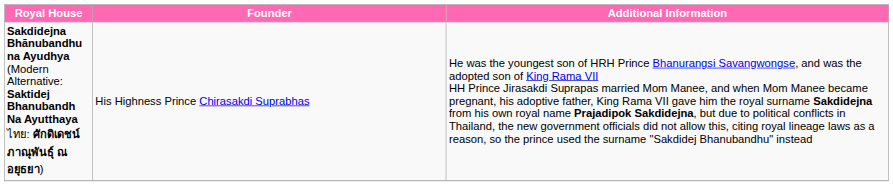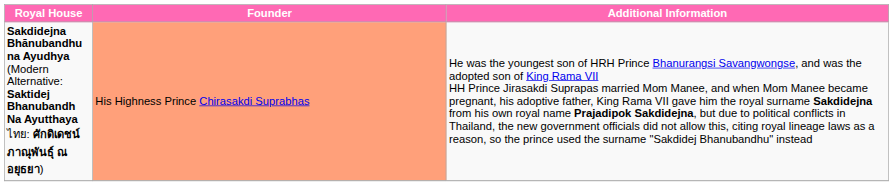 <table class="wikitable" style="width: 100%;">
 <tr>
 <th style="background: Hotpink; color: white;">Royal House</th>
 <th style="background: Hotpink; color: white;">Founder</th>
 <th style="background: Hotpink; color: white;">Additional Information</th>
 </tr>
 <tr>
 <td width = 10%><strong>Sakdidejna Bhānubandhu na Ayudhya</strong> (Modern Alternative: <strong>Saktidej Bhanubandh Na Ayutthaya</strong> ไทย: <strong>ศักดิเดชน์ ภาณุพันธุ์ ณ อยุธยา</strong>)</td>
-<td width = 40%>His Highness Prince <a href='#'>Chirasakdi Suprabhas</a></td>
+<td width = 40% style="background: lightsalmon;">His Highness Prince <a href='#'>Chirasakdi Suprabhas</a></td>
 <td width = 50%>He was the youngest son of HRH Prince <a href='#'>Bhanurangsi Savangwongse</a>, and was the adopted son of <a href='#'>King Rama VII</a><br>HH Prince Jirasakdi Suprapas married Mom Manee, and when Mom Manee became pregnant, his adoptive father, King Rama VII gave him the royal surname <strong>Sakdidejna</strong> from his own royal name <strong>Prajadipok Sakdidejna</strong>, but due to political conflicts in Thailand, the new government officials did not allow this, citing royal lineage laws as a reason, so the prince used the surname "Sakdidej Bhanubandhu" instead</td>
 </tr>
 <tr>
 </tr>
 </table>
